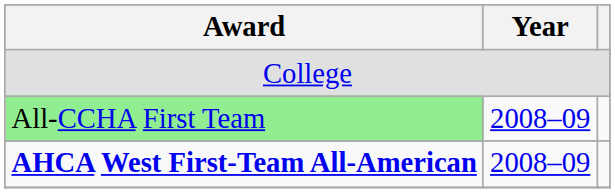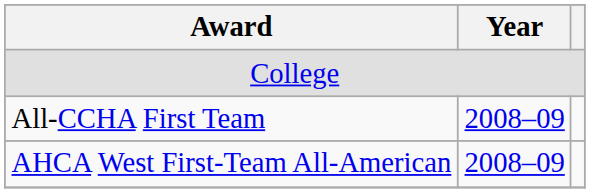 <table class="wikitable">
 <tr>
 <th>Award</th>
 <th>Year</th>
 <th></th>
 </tr>
 <tr ALIGN="center" bgcolor="#e0e0e0">
 <td colspan="3"><a href='#'>College</a></td>
 </tr>
 <tr>
-<td style="background: lightgreen;">All-<a href='#'>CCHA</a> <a href='#'>First Team</a></td>
+<td>All-<a href='#'>CCHA</a> <a href='#'>First Team</a></td>
 <td><a href='#'>2008–09</a></td>
 <td></td>
 </tr>
 <tr>
-<td><strong><a href='#'>AHCA</a> <a href='#'>West First-Team All-American</a></strong></td>
+<td><a href='#'>AHCA</a> <a href='#'>West First-Team All-American</a></td>
 <td><a href='#'>2008–09</a></td>
 <td></td>
 </tr>
 <tr>
 </tr>
 </table>
